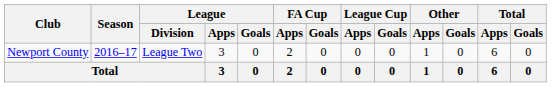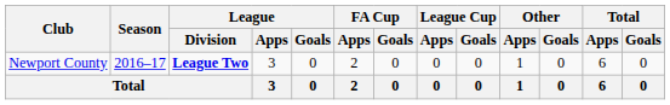 <table class="wikitable" style="text-align:center;">
 <tr>
 <th rowspan="2">Club</th>
 <th rowspan="2">Season</th>
 <th colspan="3">League</th>
 <th colspan="2">FA Cup</th>
 <th colspan="2">League Cup</th>
 <th colspan="2">Other</th>
 <th colspan="2">Total</th>
 </tr>
 <tr>
 <th>Division</th>
 <th>Apps</th>
 <th>Goals</th>
 <th>Apps</th>
 <th>Goals</th>
 <th>Apps</th>
 <th>Goals</th>
 <th>Apps</th>
 <th>Goals</th>
 <th>Apps</th>
 <th>Goals</th>
 </tr>
 <tr>
 <td><a href='#'>Newport County</a></td>
 <td><a href='#'>2016–17</a></td>
-<td><a href='#'>League Two</a></td>
+<td><strong><a href='#'>League Two</a></strong></td>
 <td>3</td>
 <td>0</td>
 <td>2</td>
 <td>0</td>
 <td>0</td>
 <td>0</td>
 <td>1</td>
 <td>0</td>
 <td>6</td>
 <td>0</td>
 </tr>
 <tr>
 <th colspan="3">Total</th>
 <th>3</th>
 <th>0</th>
 <th>2</th>
 <th>0</th>
 <th>0</th>
 <th>0</th>
 <th>1</th>
 <th>0</th>
 <th>6</th>
 <th>0</th>
 </tr>
 </table>
